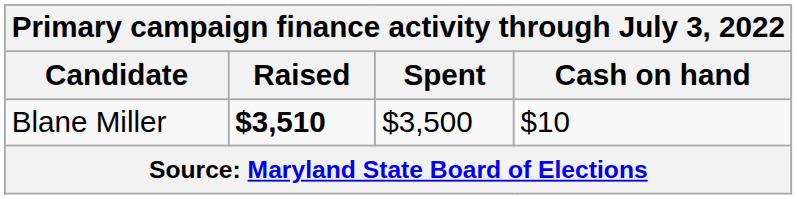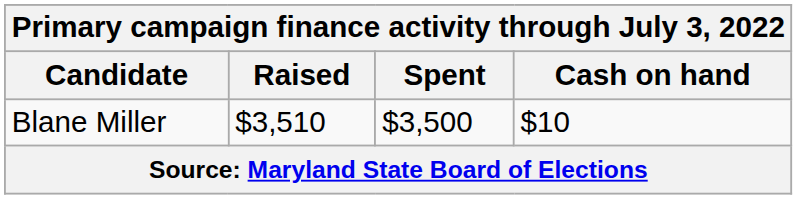 <table class="wikitable sortable">
 <tr>
 <th colspan="4">Primary campaign finance activity through July 3, 2022</th>
 </tr>
 <tr>
 <th>Candidate</th>
 <th>Raised</th>
 <th>Spent</th>
 <th>Cash on hand</th>
 </tr>
 <tr>
 <td data-sort-value="Miller, Blane">Blane Miller</td>
-<td><strong>$3,510</strong></td>
+<td>$3,510</td>
 <td>$3,500</td>
 <td>$10</td>
 </tr>
 <tr>
 <th colspan="4"><small>Source: <a href='#'>Maryland State Board of Elections</a></small></th>
 </tr>
 </table>
